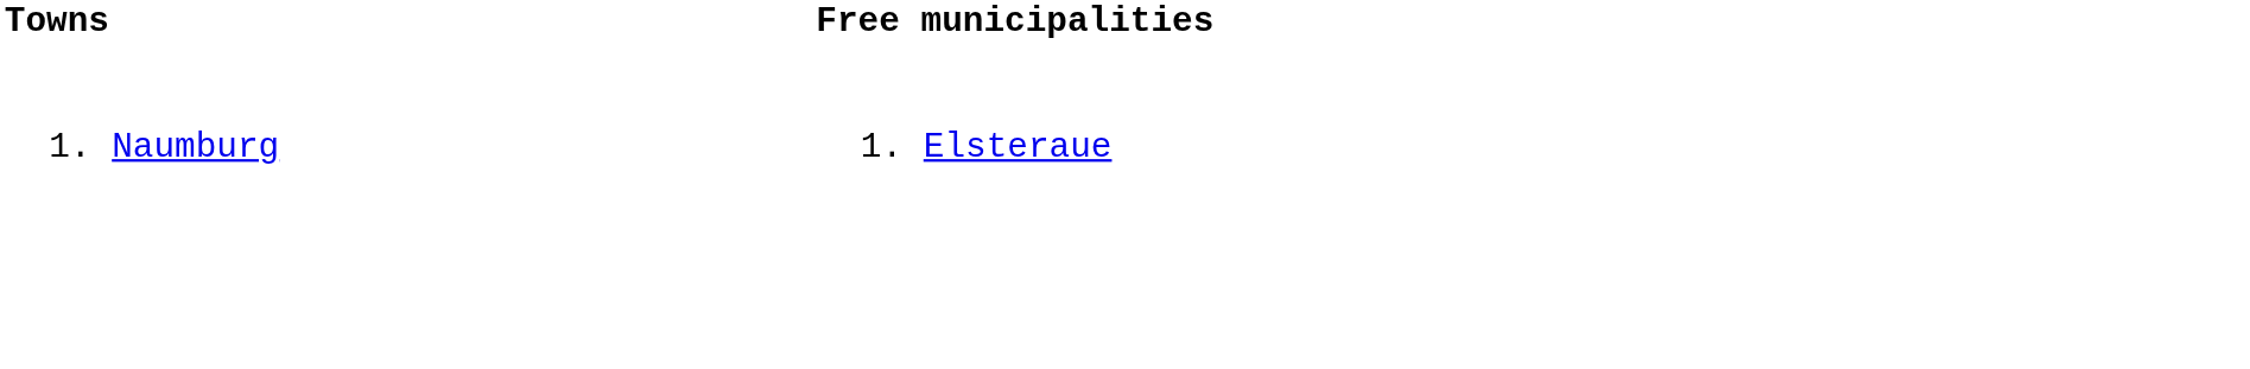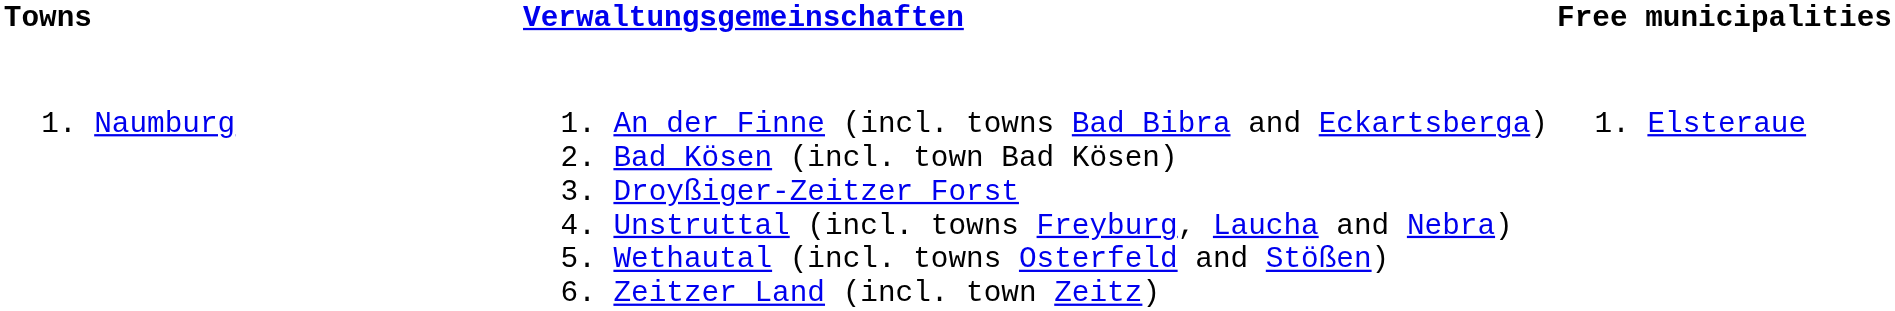 <table>
 <tr>
 <th width=25% align=left>Towns</th>
+<th width=50% align=left><a href='#'>Verwaltungsgemeinschaften</a></th>
 <th width=25% align=left>Free municipalities</th>
 </tr>
 <tr valign=top>
 <td><br><ol><li><a href='#'>Naumburg</a></li></ol></td>
+<td><br><ol><li><a href='#'>An der Finne</a> (incl. towns <a href='#'>Bad Bibra</a> and <a href='#'>Eckartsberga</a>)</li><li><a href='#'>Bad Kösen</a> (incl. town Bad Kösen)</li><li><a href='#'>Droyßiger-Zeitzer Forst</a></li><li><a href='#'>Unstruttal</a> (incl. towns <a href='#'>Freyburg</a>, <a href='#'>Laucha</a> and <a href='#'>Nebra</a>)</li><li><a href='#'>Wethautal</a> (incl. towns <a href='#'>Osterfeld</a> and <a href='#'>Stößen</a>)</li><li><a href='#'>Zeitzer Land</a> (incl. town <a href='#'>Zeitz</a>)</li></ol></td>
 <td><br><ol><li><a href='#'>Elsteraue</a></li></ol></td>
 </tr>
 </table>
